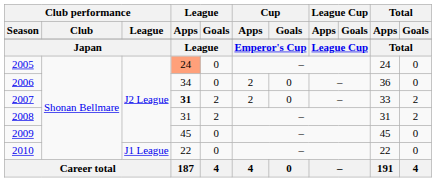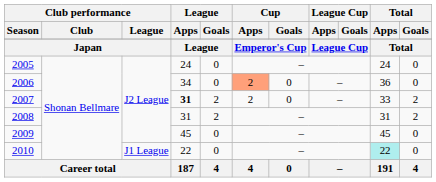 <table class="wikitable" style="text-align:center">
 <tr>
 <th colspan=3>Club performance</th>
 <th colspan=2>League</th>
 <th colspan=2>Cup</th>
 <th colspan=2>League Cup</th>
 <th colspan=2>Total</th>
 </tr>
 <tr>
 <th>Season</th>
 <th>Club</th>
 <th>League</th>
 <th>Apps</th>
 <th>Goals</th>
 <th>Apps</th>
 <th>Goals</th>
 <th>Apps</th>
 <th>Goals</th>
 <th>Apps</th>
 <th>Goals</th>
 </tr>
 <tr>
 </tr>
 <tr>
 <th colspan=3>Japan</th>
 <th colspan=2>League</th>
 <th colspan=2><a href='#'>Emperor's Cup</a></th>
 <th colspan=2><a href='#'>League Cup</a></th>
 <th colspan=2>Total</th>
 </tr>
 <tr>
 <td><a href='#'>2005</a></td>
 <td rowspan="6"><a href='#'>Shonan Bellmare</a></td>
 <td rowspan="5"><a href='#'>J2 League</a></td>
-<td style="background: lightsalmon;">24</td>
+<td>24</td>
 <td>0</td>
 <td colspan="4">–</td>
 <td>24</td>
 <td>0</td>
 </tr>
 <tr>
 <td><a href='#'>2006</a></td>
 <td>34</td>
 <td>0</td>
-<td>2</td>
+<td style="background: lightsalmon;">2</td>
 <td>0</td>
 <td colspan="2">–</td>
 <td>36</td>
 <td>0</td>
 </tr>
 <tr>
 <td><a href='#'>2007</a></td>
 <td><strong>31</strong></td>
 <td>2</td>
 <td>2</td>
 <td>0</td>
 <td colspan="2">–</td>
 <td>33</td>
 <td>2</td>
 </tr>
 <tr>
 <td><a href='#'>2008</a></td>
 <td>31</td>
 <td>2</td>
 <td colspan="4">–</td>
 <td>31</td>
 <td>2</td>
 </tr>
 <tr>
 <td><a href='#'>2009</a></td>
 <td>45</td>
 <td>0</td>
 <td colspan="4">–</td>
 <td>45</td>
 <td>0</td>
 </tr>
 <tr>
 <td><a href='#'>2010</a></td>
 <td><a href='#'>J1 League</a></td>
 <td>22</td>
 <td>0</td>
 <td colspan="4">–</td>
-<td>22</td>
+<td style="background: paleturquoise;">22</td>
 <td>0</td>
 </tr>
 <tr>
 <th colspan=3>Career total</th>
 <th>187</th>
 <th>4</th>
 <th>4</th>
 <th>0</th>
 <th colspan="2">–</th>
 <th>191</th>
 <th>4</th>
 </tr>
 </table>
